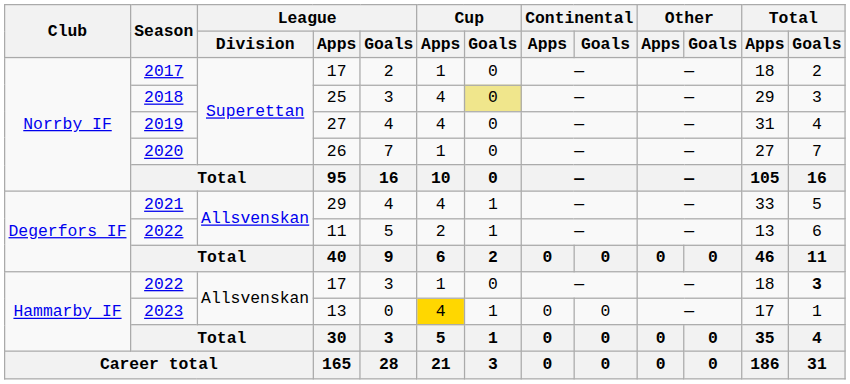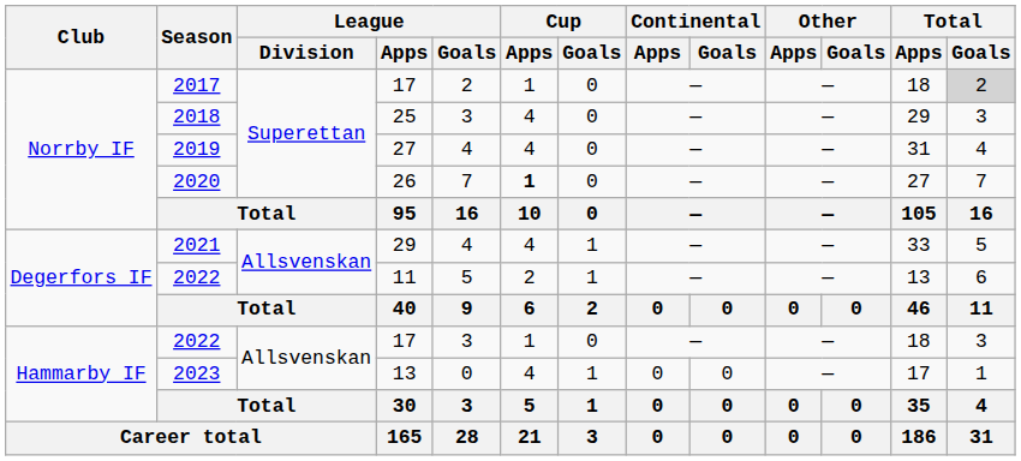 <table class="wikitable" style="text-align: center">
 <tr>
 <th rowspan="2">Club</th>
 <th rowspan="2">Season</th>
 <th colspan="3">League</th>
 <th colspan="2">Cup</th>
 <th colspan="2">Continental</th>
 <th colspan="2">Other</th>
 <th colspan="2">Total</th>
 </tr>
 <tr>
 <th>Division</th>
 <th>Apps</th>
 <th>Goals</th>
 <th>Apps</th>
 <th>Goals</th>
 <th>Apps</th>
 <th>Goals</th>
 <th>Apps</th>
 <th>Goals</th>
 <th>Apps</th>
 <th>Goals</th>
 </tr>
 <tr>
 <td rowspan="5" valign="center"><a href='#'>Norrby IF</a></td>
 <td><a href='#'>2017</a></td>
 <td rowspan=4><a href='#'>Superettan</a></td>
 <td>17</td>
 <td>2</td>
 <td>1</td>
 <td>0</td>
 <td colspan=2>—</td>
 <td colspan=2>—</td>
 <td>18</td>
-<td>2</td>
+<td style="background: lightgrey;">2</td>
 </tr>
 <tr>
 <td><a href='#'>2018</a></td>
 <td>25</td>
 <td>3</td>
 <td>4</td>
-<td style="background: khaki;">0</td>
+<td>0</td>
 <td colspan=2>—</td>
 <td colspan=2>—</td>
 <td>29</td>
 <td>3</td>
 </tr>
 <tr>
 <td><a href='#'>2019</a></td>
 <td>27</td>
 <td>4</td>
 <td>4</td>
 <td>0</td>
 <td colspan=2>—</td>
 <td colspan=2>—</td>
 <td>31</td>
 <td>4</td>
 </tr>
 <tr>
 <td><a href='#'>2020</a></td>
 <td>26</td>
 <td>7</td>
-<td>1</td>
+<td><strong>1</strong></td>
 <td>0</td>
 <td colspan=2>—</td>
 <td colspan=2>—</td>
 <td>27</td>
 <td>7</td>
 </tr>
 <tr>
 <th colspan="2">Total</th>
 <th>95</th>
 <th>16</th>
 <th>10</th>
 <th>0</th>
 <th colspan=2>—</th>
 <th colspan=2>—</th>
 <th>105</th>
 <th>16</th>
 </tr>
 <tr>
 <td rowspan="3" valign="center"><a href='#'>Degerfors IF</a></td>
 <td><a href='#'>2021</a></td>
 <td rowspan=2><a href='#'>Allsvenskan</a></td>
 <td>29</td>
 <td>4</td>
 <td>4</td>
 <td>1</td>
 <td colspan=2>—</td>
 <td colspan=2>—</td>
 <td>33</td>
 <td>5</td>
 </tr>
 <tr>
 <td><a href='#'>2022</a></td>
 <td>11</td>
 <td>5</td>
 <td>2</td>
 <td>1</td>
 <td colspan=2>—</td>
 <td colspan=2>—</td>
 <td>13</td>
 <td>6</td>
 </tr>
 <tr>
 <th colspan="2">Total</th>
 <th>40</th>
 <th>9</th>
 <th>6</th>
 <th>2</th>
 <th>0</th>
 <th>0</th>
 <th>0</th>
 <th>0</th>
 <th>46</th>
 <th>11</th>
 </tr>
 <tr>
 <td rowspan="3" valign="center"><a href='#'>Hammarby IF</a></td>
 <td><a href='#'>2022</a></td>
 <td rowspan="2" valign="center">Allsvenskan</td>
 <td>17</td>
 <td>3</td>
 <td>1</td>
 <td>0</td>
 <td colspan=2>—</td>
 <td colspan=2>—</td>
 <td>18</td>
-<td><strong>3</strong></td>
+<td>3</td>
 </tr>
 <tr>
 <td><a href='#'>2023</a></td>
 <td>13</td>
 <td>0</td>
-<td style="background: gold;">4</td>
+<td>4</td>
 <td>1</td>
 <td>0</td>
 <td>0</td>
 <td colspan=2>—</td>
 <td>17</td>
 <td>1</td>
 </tr>
 <tr>
 <th colspan="2">Total</th>
 <th>30</th>
 <th>3</th>
 <th>5</th>
 <th>1</th>
 <th>0</th>
 <th>0</th>
 <th>0</th>
 <th>0</th>
 <th>35</th>
 <th>4</th>
 </tr>
 <tr>
 <th colspan="3">Career total</th>
 <th>165</th>
 <th>28</th>
 <th>21</th>
 <th>3</th>
 <th>0</th>
 <th>0</th>
 <th>0</th>
 <th>0</th>
 <th>186</th>
 <th>31</th>
 </tr>
 </table>
